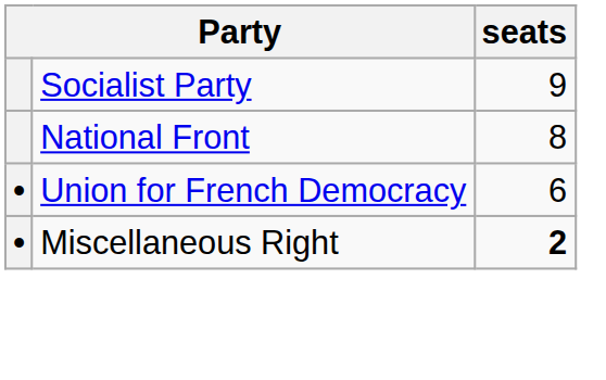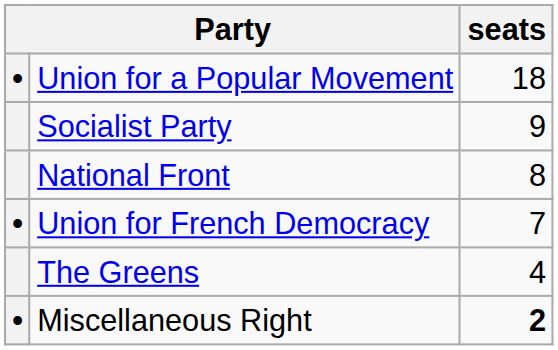 <table class="wikitable" style="font-size: 95%;">
 <tr>
 <th colspan=2>Party</th>
 <th>seats</th>
+</tr>
+<tr>
+<th style="background-color: "><span>•</span></th>
+<td><a href='#'>Union for a Popular Movement</a></td>
+<td align="right">18</td>
 </tr>
 <tr>
 <th style="background-color: "></th>
 <td><a href='#'>Socialist Party</a></td>
 <td align="right">9</td>
 </tr>
 <tr>
 <th style="background-color: "></th>
 <td><a href='#'>National Front</a></td>
 <td align="right">8</td>
 </tr>
 <tr>
 <th style="background-color: "><span>•</span></th>
 <td><a href='#'>Union for French Democracy</a></td>
-<td align="right">6</td>
+<td align="right">7</td>
+</tr>
+<tr>
+<th style="background-color: "></th>
+<td><a href='#'>The Greens</a></td>
+<td align="right">4</td>
 </tr>
 <tr>
 <th style="background-color: "><span>•</span></th>
 <td>Miscellaneous Right</td>
 <td align="right"><strong>2</strong></td>
 </tr>
 </table>
